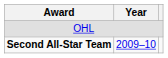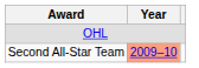 <table class="wikitable">
 <tr>
 <th>Award</th>
 <th>Year</th>
 <th></th>
 </tr>
 <tr ALIGN="center" bgcolor="#e0e0e0">
 <td colspan="3"><a href='#'>OHL</a></td>
 </tr>
 <tr>
-<td><strong>Second All-Star Team</strong></td>
-<td><a href='#'>2009–10</a></td>
+<td>Second All-Star Team</td>
+<td style="background: lightsalmon;"><a href='#'>2009–10</a></td>
 <td></td>
 </tr>
 </table>
